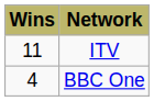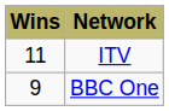 <table class="wikitable" style="text-align:center;">
 <tr>
 <th style="background:#BDB76B;">Wins</th>
 <th style="background:#BDB76B;">Network</th>
 </tr>
 <tr>
 <td>11</td>
 <td><a href='#'>ITV</a></td>
 </tr>
 <tr>
-<td>4</td>
+<td>9</td>
 <td><a href='#'>BBC One</a></td>
 </tr>
 </table>
